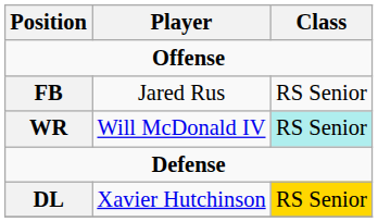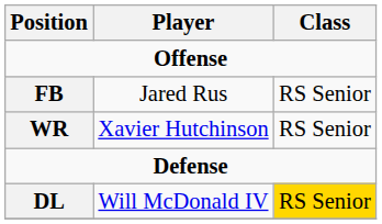 <table class="wikitable">
 <tr>
 <th>Position</th>
 <th>Player</th>
 <th>Class</th>
 </tr>
 <tr>
 <td colspan="4" style="text-align:center; "><strong>Offense</strong></td>
 </tr>
 <tr style="text-align:center;">
 <th rowspan="1">FB</th>
 <td>Jared Rus</td>
 <td>RS Senior</td>
 </tr>
 <tr style="text-align:center;">
 <th rowspan="1">WR</th>
-<td><a href='#'>Will McDonald IV</a></td>
-<td style="background: paleturquoise;">RS Senior</td>
+<td><a href='#'>Xavier Hutchinson</a></td>
+<td>RS Senior</td>
 </tr>
 <tr>
 <td colspan="4" style="text-align:center; "><strong>Defense</strong></td>
 </tr>
 <tr style="text-align:center;">
 <th rowspan="1">DL</th>
-<td><a href='#'>Xavier Hutchinson</a></td>
+<td><a href='#'>Will McDonald IV</a></td>
 <td style="background: gold;">RS Senior</td>
 </tr>
 <tr>
 </tr>
 </table>
